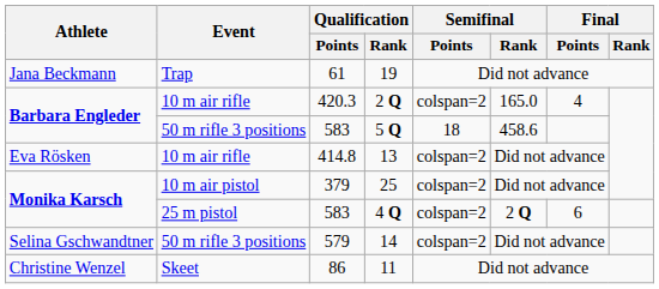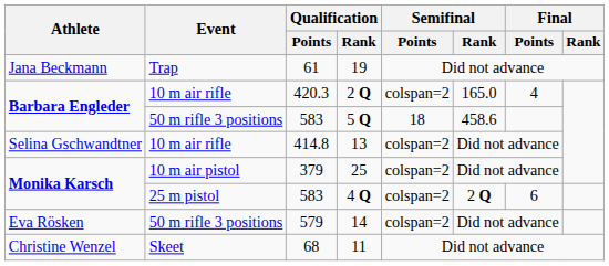 <table class="wikitable" style="font-size:90%">
 <tr>
 <th rowspan="2">Athlete</th>
 <th rowspan="2">Event</th>
 <th colspan=2>Qualification</th>
 <th colspan=2>Semifinal</th>
 <th colspan=2>Final</th>
 </tr>
 <tr style="font-size:95%">
 <th>Points</th>
 <th>Rank</th>
 <th>Points</th>
 <th>Rank</th>
 <th>Points</th>
 <th>Rank</th>
 </tr>
 <tr align=center>
 <td align=left><a href='#'>Jana Beckmann</a></td>
 <td align=left><a href='#'>Trap</a></td>
 <td>61</td>
 <td>19</td>
 <td colspan=4>Did not advance</td>
 </tr>
 <tr align=center>
 <td align=left rowspan=2><strong><a href='#'>Barbara Engleder</a></strong></td>
 <td align=left><a href='#'>10 m air rifle</a></td>
 <td>420.3</td>
 <td>2 <strong>Q</strong></td>
 <td>colspan=2 </td>
 <td>165.0</td>
 <td>4</td>
 </tr>
 <tr align=center>
 <td align=left><a href='#'>50 m rifle 3 positions</a></td>
 <td>583</td>
 <td>5 <strong>Q</strong></td>
 <td>18</td>
 <td>458.6 </td>
 <td></td>
 </tr>
 <tr align=center>
-<td align=left><a href='#'>Eva Rösken</a></td>
+<td align=left><a href='#'>Selina Gschwandtner</a></td>
 <td align=left><a href='#'>10 m air rifle</a></td>
 <td>414.8</td>
 <td>13</td>
 <td>colspan=2 </td>
 <td colspan=2>Did not advance</td>
 </tr>
 <tr align=center>
 <td align=left rowspan=2><strong><a href='#'>Monika Karsch</a></strong></td>
 <td align=left><a href='#'>10 m air pistol</a></td>
 <td>379</td>
 <td>25</td>
 <td>colspan=2 </td>
 <td colspan=2>Did not advance</td>
 </tr>
 <tr align=center>
 <td align=left><a href='#'>25 m pistol</a></td>
 <td>583</td>
 <td>4 <strong>Q</strong></td>
 <td>colspan=2 </td>
 <td>2 <strong>Q</strong></td>
 <td>6</td>
 <td></td>
 </tr>
 <tr align=center>
-<td align=left><a href='#'>Selina Gschwandtner</a></td>
+<td align=left><a href='#'>Eva Rösken</a></td>
 <td align=left><a href='#'>50 m rifle 3 positions</a></td>
 <td>579</td>
 <td>14</td>
 <td>colspan=2 </td>
 <td colspan=2>Did not advance</td>
 </tr>
 <tr align=center>
 <td align=left><a href='#'>Christine Wenzel</a></td>
 <td align=left><a href='#'>Skeet</a></td>
-<td>86</td>
+<td>68</td>
 <td>11</td>
 <td colspan=4>Did not advance</td>
 </tr>
 </table>
